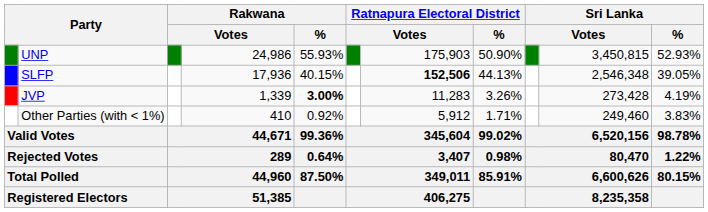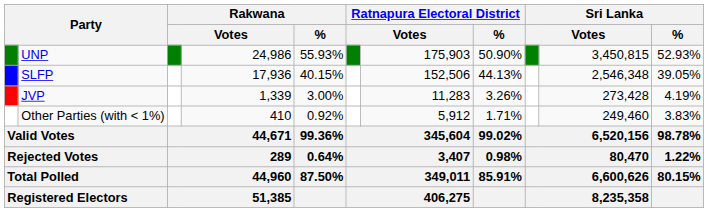 <table class="wikitable">
 <tr>
 <th colspan="2" width="144px"rowspan="2">Party</th>
 <th colspan="3" width="216px">Rakwana</th>
 <th colspan="3" width="216px"><a href='#'>Ratnapura Electoral District</a></th>
 <th colspan="3" width="216px">Sri Lanka</th>
 </tr>
 <tr>
 <th colspan="2" width="144px">Votes</th>
 <th>%</th>
 <th colspan="2" width="144px">Votes</th>
 <th>%</th>
 <th colspan="2" width="144px">Votes</th>
 <th>%</th>
 </tr>
 <tr>
 <td style="background-color:green;" width="10px"></td>
 <td style="text-align:left;"><a href='#'>UNP</a></td>
 <td style="background-color:green;" width="10px"></td>
 <td style="text-align:right;">24,986</td>
 <td style="text-align:right;">55.93%</td>
 <td style="background-color:green;" width="10px"></td>
 <td style="text-align:right;">175,903</td>
 <td style="text-align:right;">50.90%</td>
 <td style="background-color:green;" width="10px"></td>
 <td style="text-align:right;">3,450,815</td>
 <td style="text-align:right;">52.93%</td>
 </tr>
 <tr>
 <td style="background-color:blue;" width="10px"></td>
 <td style="text-align:left;"><a href='#'>SLFP</a></td>
 <td style="background-color:white;" width="10px"></td>
 <td style="text-align:right;">17,936</td>
 <td style="text-align:right;">40.15%</td>
 <td style="background-color:white;" width="10px"></td>
-<td style="text-align:right;"><strong>152,506</strong></td>
+<td style="text-align:right;">152,506</td>
 <td style="text-align:right;">44.13%</td>
 <td style="background-color:white;" width="10px"></td>
 <td style="text-align:right;">2,546,348</td>
 <td style="text-align:right;">39.05%</td>
 </tr>
 <tr>
 <td style="background-color:red;" width="10px"></td>
 <td style="text-align:left;"><a href='#'>JVP</a></td>
 <td style="background-color:white;" width="10px"></td>
 <td style="text-align:right;">1,339</td>
-<td style="text-align:right;"><strong>3.00%</strong></td>
+<td style="text-align:right;">3.00%</td>
 <td style="background-color:white;" width="10px"></td>
 <td style="text-align:right;">11,283</td>
 <td style="text-align:right;">3.26%</td>
 <td style="background-color:white;" width="10px"></td>
 <td style="text-align:right;">273,428</td>
 <td style="text-align:right;">4.19%</td>
 </tr>
 <tr>
 <td style="background-color:white;" width="10px"></td>
 <td style="text-align:left;">Other Parties (with < 1%)</td>
 <td style="background-color:white;" width="10px"></td>
 <td style="text-align:right;">410</td>
 <td style="text-align:right;">0.92%</td>
 <td style="background-color:white;" width="10px"></td>
 <td style="text-align:right;">5,912</td>
 <td style="text-align:right;">1.71%</td>
 <td style="background-color:white;" width="10px"></td>
 <td style="text-align:right;">249,460</td>
 <td style="text-align:right;">3.83%</td>
 </tr>
 <tr>
 <th colspan="2" width="144px"style="text-align:left;">Valid Votes</th>
 <th style="text-align:right;"colspan="2" width="144px">44,671</th>
 <th style="text-align:right;">99.36%</th>
 <th style="text-align:right;"colspan="2" width="144px">345,604</th>
 <th style="text-align:right;">99.02%</th>
 <th style="text-align:right;"colspan="2" width="144px">6,520,156</th>
 <th style="text-align:right;">98.78%</th>
 </tr>
 <tr>
 <th colspan="2" width="144px"style="text-align:left;">Rejected Votes</th>
 <th style="text-align:right;"colspan="2" width="144px">289</th>
 <th style="text-align:right;">0.64%</th>
 <th style="text-align:right;"colspan="2" width="144px">3,407</th>
 <th style="text-align:right;">0.98%</th>
 <th style="text-align:right;"colspan="2" width="144px">80,470</th>
 <th style="text-align:right;">1.22%</th>
 </tr>
 <tr>
 <th colspan="2" width="144px"style="text-align:left;">Total Polled</th>
 <th style="text-align:right;"colspan="2" width="144px">44,960</th>
 <th style="text-align:right;">87.50%</th>
 <th style="text-align:right;"colspan="2" width="144px">349,011</th>
 <th style="text-align:right;">85.91%</th>
 <th style="text-align:right;"colspan="2" width="144px">6,600,626</th>
 <th style="text-align:right;">80.15%</th>
 </tr>
 <tr>
 <th colspan="2" width="144px"style="text-align:left;">Registered Electors</th>
 <th style="text-align:right;"colspan="2" width="144px">51,385</th>
 <th></th>
 <th style="text-align:right;"colspan="2" width="144px">406,275</th>
 <th></th>
 <th style="text-align:right;"colspan="2" width="144px">8,235,358</th>
 <th></th>
 </tr>
 </table>
